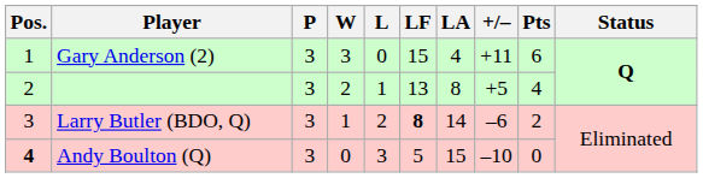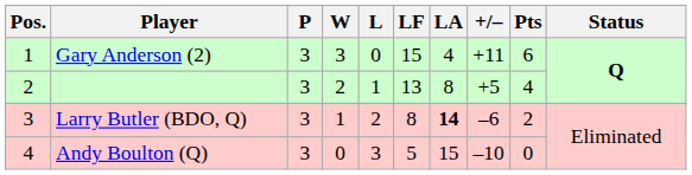 <table class="wikitable" style="text-align:center; margin: 1em auto 1em auto, align:left">
 <tr>
 <th width=20>Pos.</th>
 <th width=175>Player</th>
 <th width=20>P</th>
 <th width=20>W</th>
 <th width=20>L</th>
 <th width=20>LF</th>
 <th width=20>LA</th>
 <th width=25>+/–</th>
 <th width=20>Pts</th>
 <th width=100>Status</th>
 </tr>
 <tr style="background:#CCFFCC;">
 <td>1</td>
 <td style="text-align:left;"> <a href='#'>Gary Anderson</a> (2)</td>
 <td>3</td>
 <td>3</td>
 <td>0</td>
 <td>15</td>
 <td>4</td>
 <td>+11</td>
 <td>6</td>
 <td rowspan=2><strong>Q</strong></td>
 </tr>
 <tr style="background:#CCFFCC;">
 <td>2</td>
 <td style="text-align:left;"></td>
 <td>3</td>
 <td>2</td>
 <td>1</td>
 <td>13</td>
 <td>8</td>
 <td>+5</td>
 <td>4</td>
 </tr>
 <tr style="background:#FFCCCC;">
 <td>3</td>
 <td style="text-align:left;"> <a href='#'>Larry Butler</a> (BDO, Q)</td>
 <td>3</td>
 <td>1</td>
 <td>2</td>
-<td><strong>8</strong></td>
-<td>14</td>
+<td>8</td>
+<td><strong>14</strong></td>
 <td>–6</td>
 <td>2</td>
 <td rowspan=2>Eliminated</td>
 </tr>
 <tr style="background:#FFCCCC;">
-<td><strong>4</strong></td>
+<td>4</td>
 <td style="text-align:left;"> <a href='#'>Andy Boulton</a> (Q)</td>
 <td>3</td>
 <td>0</td>
 <td>3</td>
 <td>5</td>
 <td>15</td>
 <td>–10</td>
 <td>0</td>
 </tr>
 </table>
